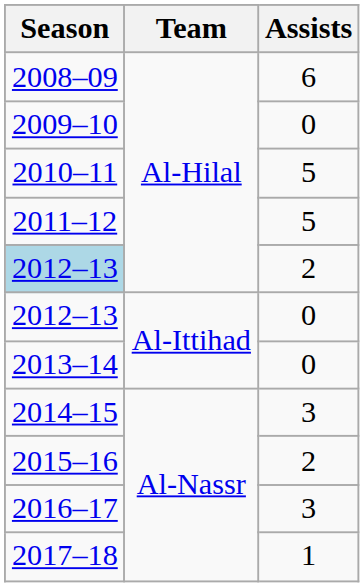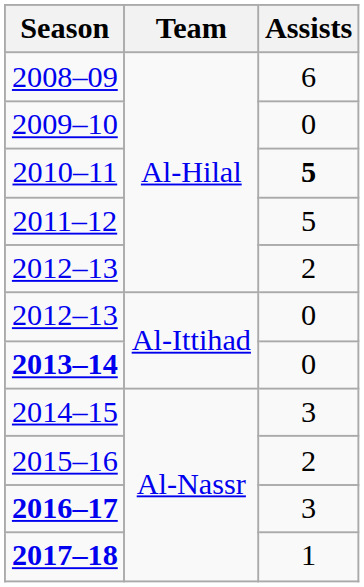 <table class="wikitable" style="text-align: center;">
 <tr>
 <th>Season</th>
 <th>Team</th>
 <th>Assists</th>
 </tr>
 <tr>
 <td><a href='#'>2008–09</a></td>
 <td rowspan="5"><a href='#'>Al-Hilal</a></td>
 <td>6</td>
 </tr>
 <tr>
 <td><a href='#'>2009–10</a></td>
 <td>0</td>
 </tr>
 <tr>
 <td><a href='#'>2010–11</a></td>
-<td>5</td>
+<td><strong>5</strong></td>
 </tr>
 <tr>
 <td><a href='#'>2011–12</a></td>
 <td>5</td>
 </tr>
 <tr>
-<td style="background: lightblue;"><a href='#'>2012–13</a></td>
+<td><a href='#'>2012–13</a></td>
 <td>2</td>
 </tr>
 <tr>
 <td><a href='#'>2012–13</a></td>
 <td rowspan="2"><a href='#'>Al-Ittihad</a></td>
 <td>0</td>
 </tr>
 <tr>
-<td><a href='#'>2013–14</a></td>
+<td><strong><a href='#'>2013–14</a></strong></td>
 <td>0</td>
 </tr>
 <tr>
 <td><a href='#'>2014–15</a></td>
 <td rowspan="4"><a href='#'>Al-Nassr</a></td>
 <td>3</td>
 </tr>
 <tr>
 <td><a href='#'>2015–16</a></td>
 <td>2</td>
 </tr>
 <tr>
-<td><a href='#'>2016–17</a></td>
+<td><strong><a href='#'>2016–17</a></strong></td>
 <td>3</td>
 </tr>
 <tr>
-<td><a href='#'>2017–18</a></td>
+<td><strong><a href='#'>2017–18</a></strong></td>
 <td>1</td>
 </tr>
 </table>
